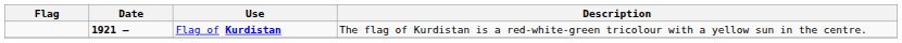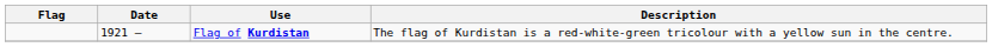 <table class="wikitable" style="background:#FFFFF;">
 <tr>
 <th style="width:100px;">Flag</th>
 <th style="width:100px;">Date</th>
 <th style="width:200px;">Use</th>
 <th style="width:700px;">Description</th>
 </tr>
 <tr>
 <td></td>
-<td><strong>1921 –</strong></td>
+<td>1921 –</td>
 <td><a href='#'>Flag of</a> <strong><a href='#'>Kurdistan</a></strong></td>
 <td>The flag of Kurdistan is a red-white-green tricolour with a yellow sun in the centre.</td>
 </tr>
 <tr>
 </tr>
 </table>
